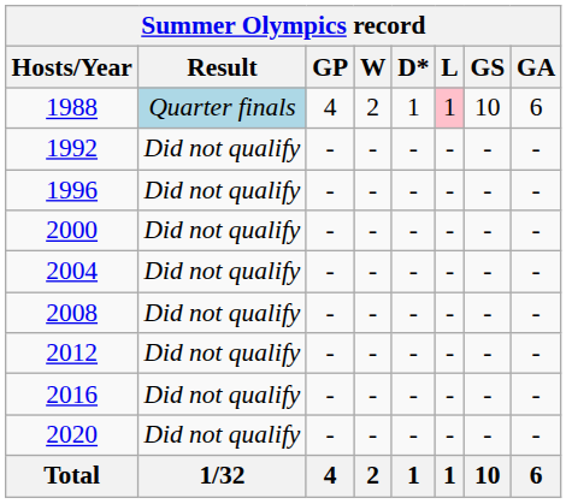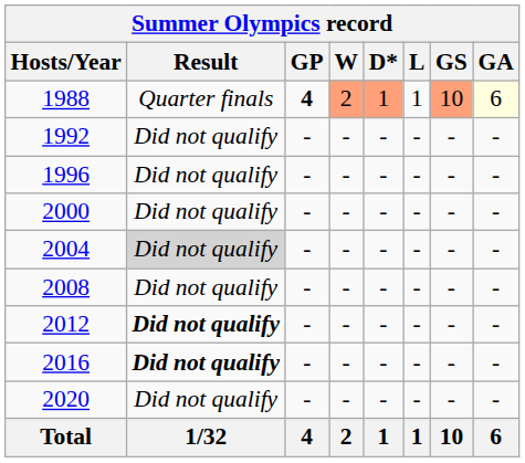 <table class="wikitable" style="text-align: center;">
 <tr>
 <th colspan=9><a href='#'>Summer Olympics</a> record</th>
 </tr>
 <tr>
 <th>Hosts/Year</th>
 <th>Result</th>
 <th>GP</th>
 <th>W</th>
 <th>D*</th>
 <th>L</th>
 <th>GS</th>
 <th>GA</th>
 </tr>
 <tr>
 <td> <a href='#'>1988</a></td>
-<td style="background: lightblue;"><em>Quarter finals</em></td>
-<td>4</td>
-<td>2</td>
+<td><em>Quarter finals</em></td>
+<td><strong>4</strong></td>
+<td style="background: lightsalmon;">2</td>
+<td style="background: lightsalmon;">1</td>
 <td>1</td>
-<td style="background: pink;">1</td>
-<td>10</td>
-<td>6</td>
+<td style="background: lightsalmon;">10</td>
+<td style="background: lightyellow;">6</td>
 </tr>
 <tr>
 <td> <a href='#'>1992</a></td>
 <td><em>Did not qualify</em></td>
 <td>-</td>
 <td>-</td>
 <td>-</td>
 <td>-</td>
 <td>-</td>
 <td>-</td>
 </tr>
 <tr>
 <td> <a href='#'>1996</a></td>
 <td><em>Did not qualify</em></td>
 <td>-</td>
 <td>-</td>
 <td>-</td>
 <td>-</td>
 <td>-</td>
 <td>-</td>
 </tr>
 <tr>
 <td> <a href='#'>2000</a></td>
 <td><em>Did not qualify</em></td>
 <td>-</td>
 <td>-</td>
 <td>-</td>
 <td>-</td>
 <td>-</td>
 <td>-</td>
 </tr>
 <tr>
 <td> <a href='#'>2004</a></td>
-<td><em>Did not qualify</em></td>
+<td style="background: lightgrey;"><em>Did not qualify</em></td>
 <td>-</td>
 <td>-</td>
 <td>-</td>
 <td>-</td>
 <td>-</td>
 <td>-</td>
 </tr>
 <tr>
 <td> <a href='#'>2008</a></td>
 <td><em>Did not qualify</em></td>
 <td>-</td>
 <td>-</td>
 <td>-</td>
 <td>-</td>
 <td>-</td>
 <td>-</td>
 </tr>
 <tr>
 <td> <a href='#'>2012</a></td>
-<td><em>Did not qualify</em></td>
+<td><strong><em>Did not qualify</em></strong></td>
 <td>-</td>
 <td>-</td>
 <td>-</td>
 <td>-</td>
 <td>-</td>
 <td>-</td>
 </tr>
 <tr>
 <td> <a href='#'>2016</a></td>
-<td><em>Did not qualify</em></td>
+<td><strong><em>Did not qualify</em></strong></td>
 <td>-</td>
 <td>-</td>
 <td>-</td>
 <td>-</td>
 <td>-</td>
 <td>-</td>
 </tr>
 <tr>
 <td> <a href='#'>2020</a></td>
 <td><em>Did not qualify</em></td>
 <td>-</td>
 <td>-</td>
 <td>-</td>
 <td>-</td>
 <td>-</td>
 <td>-</td>
 </tr>
 <tr>
 <th>Total</th>
 <th>1/32</th>
 <th>4</th>
 <th>2</th>
 <th>1</th>
 <th>1</th>
 <th>10</th>
 <th>6</th>
 </tr>
 </table>
